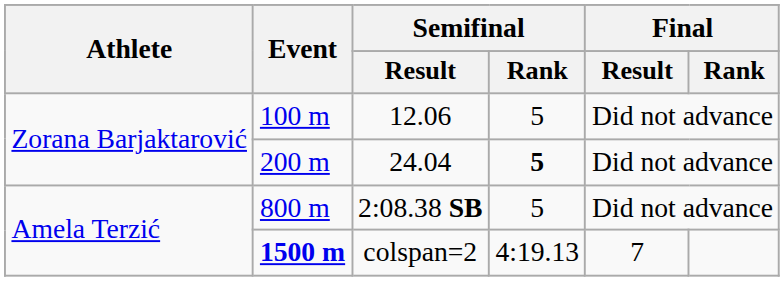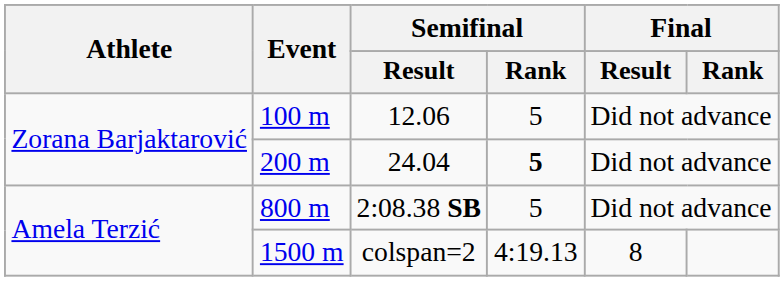 <table class="wikitable" style="font-size:90%">
 <tr>
 <th rowspan="2">Athlete</th>
 <th rowspan="2">Event</th>
 <th colspan="2">Semifinal</th>
 <th colspan="2">Final</th>
 </tr>
 <tr style="font-size:95%">
 <th>Result</th>
 <th>Rank</th>
 <th>Result</th>
 <th>Rank</th>
 </tr>
 <tr align=center>
 <td align=left rowspan=2><a href='#'>Zorana Barjaktarović</a></td>
 <td align=left><a href='#'>100 m</a></td>
 <td>12.06</td>
 <td>5</td>
 <td colspan=2>Did not advance</td>
 </tr>
 <tr align=center>
 <td align=left><a href='#'>200 m</a></td>
 <td>24.04</td>
 <td><strong>5</strong></td>
 <td colspan=2>Did not advance</td>
 </tr>
 <tr align=center>
 <td align=left rowspan=2><a href='#'>Amela Terzić</a></td>
 <td align=left><a href='#'>800 m</a></td>
 <td>2:08.38 <strong>SB</strong></td>
 <td>5</td>
 <td colspan=2>Did not advance</td>
 </tr>
 <tr align=center>
-<td align=left><strong><a href='#'>1500 m</a></strong></td>
+<td align=left><a href='#'>1500 m</a></td>
 <td>colspan=2</td>
 <td>4:19.13</td>
-<td>7</td>
+<td>8</td>
 </tr>
 </table>
